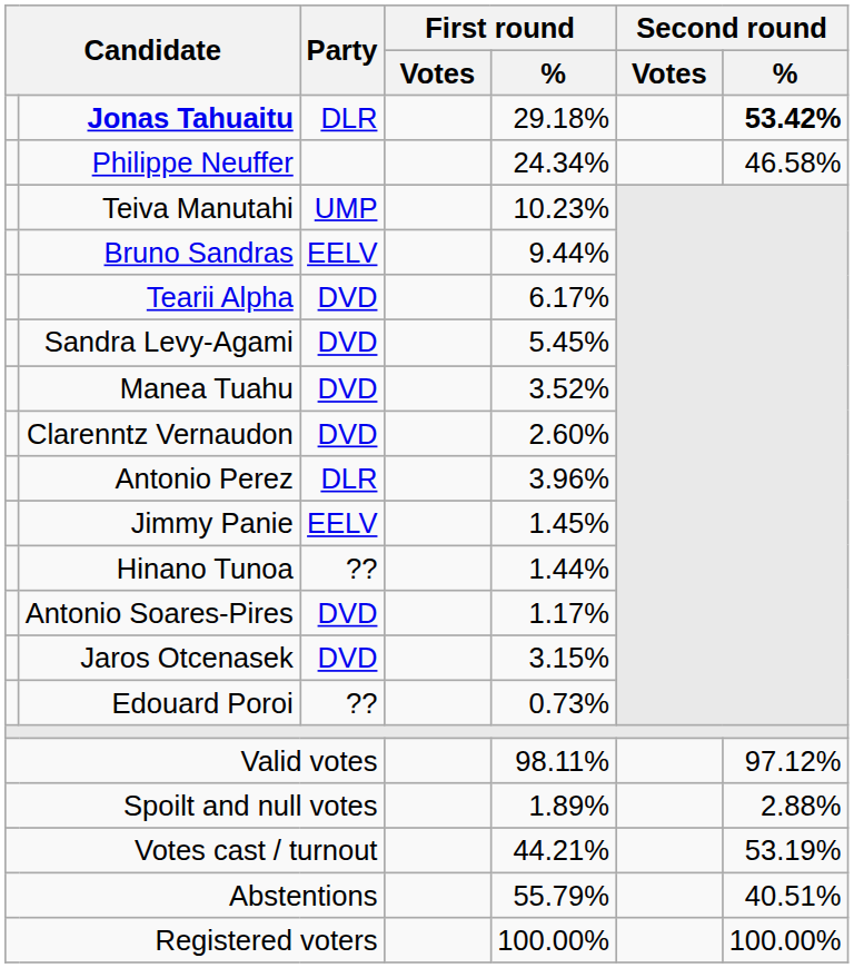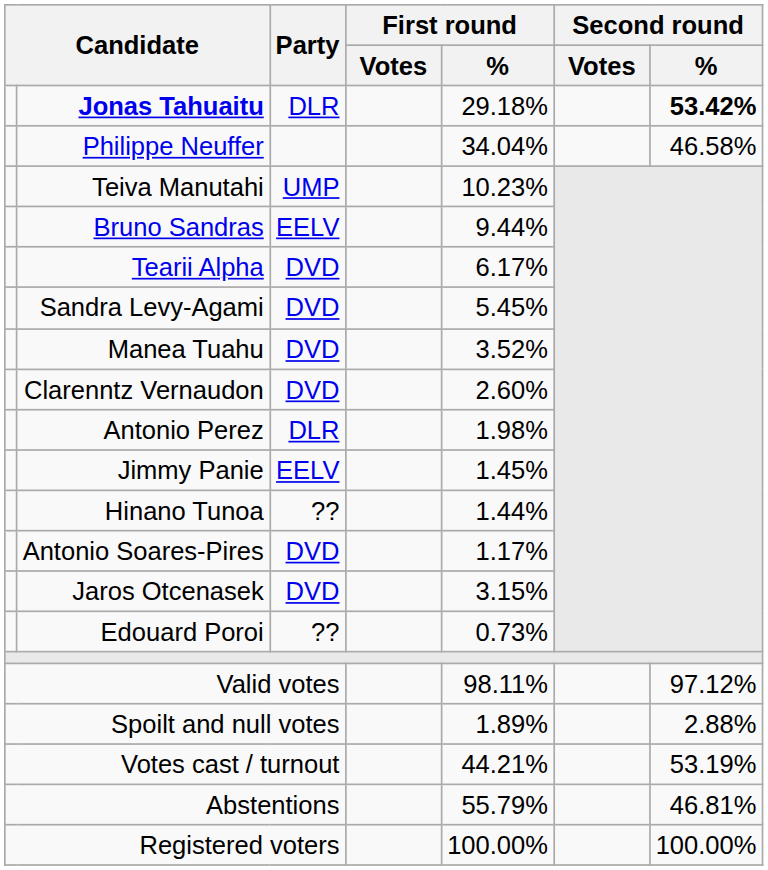 <table class="wikitable" style="text-align:right;font-size:95%;">
 <tr>
 <th rowspan=2 colspan=2>Candidate</th>
 <th rowspan=2 colspan=1>Party</th>
 <th colspan=2>First round</th>
 <th colspan=2>Second round</th>
 </tr>
 <tr>
 <th style="width:50px;">Votes</th>
 <th style="width:55px;">%</th>
 <th style="width:50px;">Votes</th>
 <th style="width:55px;">%</th>
 </tr>
 <tr>
 <td style="color:inherit;background-color:"></td>
 <td><strong><a href='#'>Jonas Tahuaitu</a></strong></td>
 <td><a href='#'>DLR</a></td>
 <td></td>
 <td>29.18%</td>
 <td><strong></strong></td>
 <td><strong>53.42%</strong></td>
 </tr>
 <tr>
 <td style="background-color:;"></td>
 <td><a href='#'>Philippe Neuffer</a></td>
 <td></td>
 <td></td>
-<td>24.34%</td>
+<td>34.04%</td>
 <td></td>
 <td>46.58%</td>
 </tr>
 <tr>
 <td style="color:inherit;background-color:"></td>
 <td>Teiva Manutahi</td>
 <td><a href='#'>UMP</a></td>
 <td></td>
 <td>10.23%</td>
 <td colspan=7 rowspan=12 style="background-color:#E9E9E9;"></td>
 </tr>
 <tr>
 <td style="color:inherit;background-color:"></td>
 <td><a href='#'>Bruno Sandras</a></td>
 <td><a href='#'>EELV</a></td>
 <td></td>
 <td>9.44%</td>
 </tr>
 <tr>
 <td style="color:inherit;background-color:"></td>
 <td><a href='#'>Tearii Alpha</a></td>
 <td><a href='#'>DVD</a></td>
 <td></td>
 <td>6.17%</td>
 </tr>
 <tr>
 <td style="color:inherit;background-color:"></td>
 <td>Sandra Levy-Agami</td>
 <td><a href='#'>DVD</a></td>
 <td></td>
 <td>5.45%</td>
 </tr>
 <tr>
 <td style="color:inherit;background-color:"></td>
 <td>Manea Tuahu</td>
 <td><a href='#'>DVD</a></td>
 <td></td>
 <td>3.52%</td>
 </tr>
 <tr>
 <td style="color:inherit;background-color:"></td>
 <td>Clarenntz Vernaudon</td>
 <td><a href='#'>DVD</a></td>
 <td></td>
 <td>2.60%</td>
 </tr>
 <tr>
 <td style="color:inherit;background-color:"></td>
 <td>Antonio Perez</td>
 <td><a href='#'>DLR</a></td>
 <td></td>
-<td>3.96%</td>
+<td>1.98%</td>
 </tr>
 <tr>
 <td style="color:inherit;background-color:"></td>
 <td>Jimmy Panie</td>
 <td><a href='#'>EELV</a></td>
 <td></td>
 <td>1.45%</td>
 </tr>
 <tr>
 <td style="background-color:;"></td>
 <td>Hinano Tunoa</td>
 <td>??</td>
 <td></td>
 <td>1.44%</td>
 </tr>
 <tr>
 <td style="color:inherit;background-color:"></td>
 <td>Antonio Soares-Pires</td>
 <td><a href='#'>DVD</a></td>
 <td></td>
 <td>1.17%</td>
 </tr>
 <tr>
 <td style="color:inherit;background-color:"></td>
 <td>Jaros Otcenasek</td>
 <td><a href='#'>DVD</a></td>
 <td></td>
 <td>3.15%</td>
 </tr>
 <tr>
 <td style="background-color:;"></td>
 <td>Edouard Poroi</td>
 <td>??</td>
 <td></td>
 <td>0.73%</td>
 </tr>
 <tr>
 <td colspan=7 style="background-color:#E9E9E9;"></td>
 </tr>
 <tr>
 <td colspan=3>Valid votes</td>
 <td></td>
 <td>98.11%</td>
 <td></td>
 <td>97.12%</td>
 </tr>
 <tr>
 <td colspan=3>Spoilt and null votes</td>
 <td></td>
 <td>1.89%</td>
 <td></td>
 <td>2.88%</td>
 </tr>
 <tr>
 <td colspan=3>Votes cast / turnout</td>
 <td></td>
 <td>44.21%</td>
 <td></td>
 <td>53.19%</td>
 </tr>
 <tr>
 <td colspan=3>Abstentions</td>
 <td></td>
 <td>55.79%</td>
 <td></td>
-<td>40.51%</td>
+<td>46.81%</td>
 </tr>
 <tr>
 <td colspan=3>Registered voters</td>
 <td></td>
 <td>100.00%</td>
 <td></td>
 <td>100.00%</td>
 </tr>
 </table>
